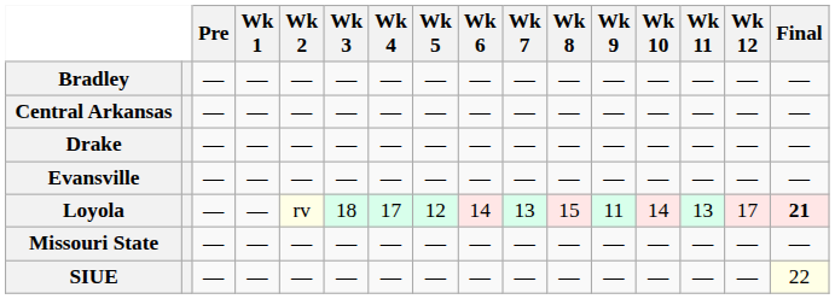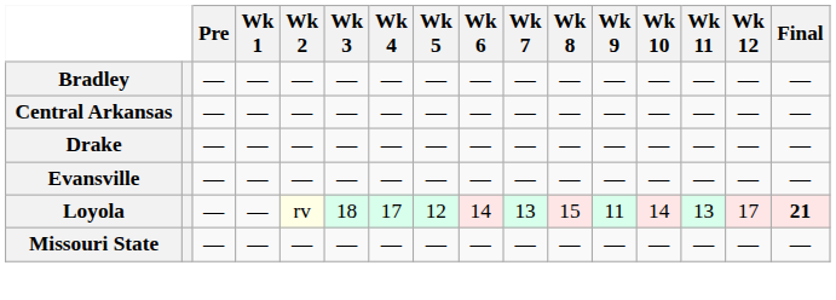 <table class="wikitable" style="text-align:center; width:50%">
 <tr>
 <th colspan=2 style="background:white; border-top-style:hidden; border-left-style:hidden;"> </th>
 <th>Pre</th>
 <th>Wk<br>1</th>
 <th>Wk<br>2</th>
 <th>Wk<br>3</th>
 <th>Wk<br>4</th>
 <th>Wk<br>5</th>
 <th>Wk<br>6</th>
 <th>Wk<br>7</th>
 <th>Wk<br>8</th>
 <th>Wk<br>9</th>
 <th>Wk<br>10</th>
 <th>Wk<br>11</th>
 <th>Wk<br>12</th>
 <th>Final</th>
 </tr>
 <tr style="text-align:center;">
 <th style="background:#">Bradley</th>
 <th></th>
 <td>—</td>
 <td>—</td>
 <td>—</td>
 <td>—</td>
 <td>—</td>
 <td>—</td>
 <td>—</td>
 <td>—</td>
 <td>—</td>
 <td>—</td>
 <td>—</td>
 <td>—</td>
 <td>—</td>
 <td>—</td>
 </tr>
 <tr style="text-align:center;">
 <th style="background:#">Central Arkansas</th>
 <th></th>
 <td>—</td>
 <td>—</td>
 <td>—</td>
 <td>—</td>
 <td>—</td>
 <td>—</td>
 <td>—</td>
 <td>—</td>
 <td>—</td>
 <td>—</td>
 <td>—</td>
 <td>—</td>
 <td>—</td>
 <td>—</td>
 </tr>
 <tr style="text-align:center;">
 <th style="background:#">Drake</th>
 <th></th>
 <td>—</td>
 <td>—</td>
 <td>—</td>
 <td>—</td>
 <td>—</td>
 <td>—</td>
 <td>—</td>
 <td>—</td>
 <td>—</td>
 <td>—</td>
 <td>—</td>
 <td>—</td>
 <td>—</td>
 <td>—</td>
 </tr>
 <tr style="text-align:center;">
 <th style="background:#">Evansville</th>
 <th></th>
 <td>—</td>
 <td>—</td>
 <td>—</td>
 <td>—</td>
 <td>—</td>
 <td>—</td>
 <td>—</td>
 <td>—</td>
 <td>—</td>
 <td>—</td>
 <td>—</td>
 <td>—</td>
 <td>—</td>
 <td>—</td>
 </tr>
 <tr style="text-align:center;">
 <th style="background:#">Loyola</th>
 <th></th>
 <td>—</td>
 <td>—</td>
 <td style="background:#FFFFE6">rv</td>
 <td style="background:#D8FFEB">18</td>
 <td style="background:#D8FFEB">17</td>
 <td style="background:#D8FFEB">12</td>
 <td style="background:#FFE6E6">14</td>
 <td style="background:#D8FFEB">13</td>
 <td style="background:#FFE6E6">15</td>
 <td style="background:#D8FFEB">11</td>
 <td style="background:#FFE6E6">14</td>
 <td style="background:#D8FFEB">13</td>
 <td style="background:#FFE6E6">17</td>
 <td style="background:#FFE6E6"><strong>21</strong></td>
 </tr>
 <tr style="text-align:center;">
 <th style="background:#">Missouri State</th>
 <th></th>
 <td>—</td>
 <td>—</td>
 <td>—</td>
 <td>—</td>
 <td>—</td>
 <td>—</td>
 <td>—</td>
 <td>—</td>
 <td>—</td>
 <td>—</td>
 <td>—</td>
 <td>—</td>
 <td>—</td>
 <td>—</td>
 </tr>
-<tr style="text-align:center;">
-<th style="background:#">SIUE</th>
-<th></th>
-<td>—</td>
-<td>—</td>
-<td>—</td>
-<td>—</td>
-<td>—</td>
-<td>—</td>
-<td>—</td>
-<td>—</td>
-<td>—</td>
-<td>—</td>
-<td>—</td>
-<td>—</td>
-<td>—</td>
-<td style="background:#FFFFE6">22</td>
-</tr>
 </table>
